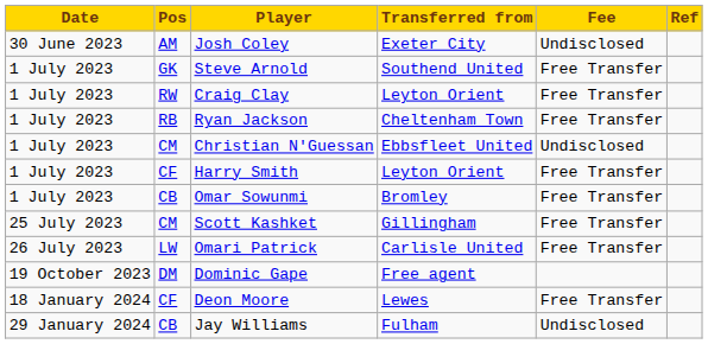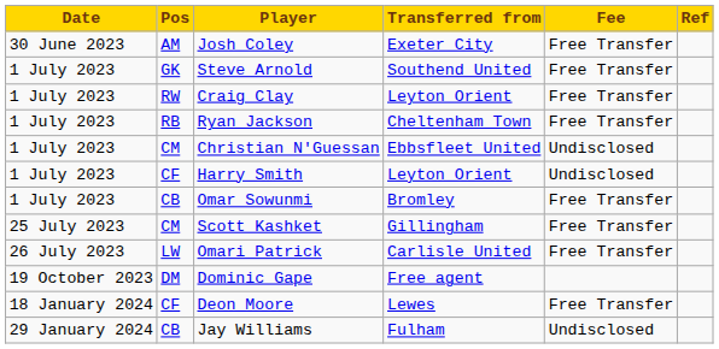 <table class="wikitable plainrowheaders sortable">
 <tr>
 <th style="background:#FFD700; color:#6A350F; ">Date</th>
 <th style="background:#FFD700; color:#6A350F; ">Pos</th>
 <th style="background:#FFD700; color:#6A350F; ">Player</th>
 <th style="background:#FFD700; color:#6A350F; ">Transferred from</th>
 <th style="background:#FFD700; color:#6A350F; ">Fee</th>
 <th style="background:#FFD700; color:#6A350F; ">Ref</th>
 </tr>
 <tr>
 <td>30 June 2023</td>
 <td><a href='#'>AM</a></td>
 <td> <a href='#'>Josh Coley</a></td>
 <td> <a href='#'>Exeter City</a></td>
-<td>Undisclosed</td>
+<td>Free Transfer</td>
 <td></td>
 </tr>
 <tr>
 <td>1 July 2023</td>
 <td><a href='#'>GK</a></td>
 <td> <a href='#'>Steve Arnold</a></td>
 <td> <a href='#'>Southend United</a></td>
 <td>Free Transfer</td>
 <td></td>
 </tr>
 <tr>
 <td>1 July 2023</td>
 <td><a href='#'>RW</a></td>
 <td> <a href='#'>Craig Clay</a></td>
 <td> <a href='#'>Leyton Orient</a></td>
 <td>Free Transfer</td>
 <td></td>
 </tr>
 <tr>
 <td>1 July 2023</td>
 <td><a href='#'>RB</a></td>
 <td> <a href='#'>Ryan Jackson</a></td>
 <td> <a href='#'>Cheltenham Town</a></td>
 <td>Free Transfer</td>
 <td></td>
 </tr>
 <tr>
 <td>1 July 2023</td>
 <td><a href='#'>CM</a></td>
 <td> <a href='#'>Christian N'Guessan</a></td>
 <td> <a href='#'>Ebbsfleet United</a></td>
 <td>Undisclosed</td>
 <td></td>
 </tr>
 <tr>
 <td>1 July 2023</td>
 <td><a href='#'>CF</a></td>
 <td> <a href='#'>Harry Smith</a></td>
 <td> <a href='#'>Leyton Orient</a></td>
-<td>Free Transfer</td>
+<td>Undisclosed</td>
 <td></td>
 </tr>
 <tr>
 <td>1 July 2023</td>
 <td><a href='#'>CB</a></td>
 <td> <a href='#'>Omar Sowunmi</a></td>
 <td> <a href='#'>Bromley</a></td>
 <td>Free Transfer</td>
 <td></td>
 </tr>
 <tr>
 <td>25 July 2023</td>
 <td><a href='#'>CM</a></td>
 <td> <a href='#'>Scott Kashket</a></td>
 <td> <a href='#'>Gillingham</a></td>
 <td>Free Transfer</td>
 <td></td>
 </tr>
 <tr>
 <td>26 July 2023</td>
 <td><a href='#'>LW</a></td>
 <td> <a href='#'>Omari Patrick</a></td>
 <td> <a href='#'>Carlisle United</a></td>
 <td>Free Transfer</td>
 <td></td>
 </tr>
 <tr>
 <td>19 October 2023</td>
 <td><a href='#'>DM</a></td>
 <td> <a href='#'>Dominic Gape</a></td>
 <td> <a href='#'>Free agent</a></td>
 <td></td>
 <td></td>
 </tr>
 <tr>
 <td>18 January 2024</td>
 <td><a href='#'>CF</a></td>
 <td> <a href='#'>Deon Moore</a></td>
 <td> <a href='#'>Lewes</a></td>
 <td>Free Transfer</td>
 <td></td>
 </tr>
 <tr>
 <td>29 January 2024</td>
 <td><a href='#'>CB</a></td>
 <td> Jay Williams</td>
 <td> <a href='#'>Fulham</a></td>
 <td>Undisclosed</td>
 <td></td>
 </tr>
 </table>
